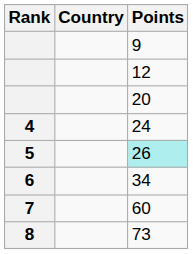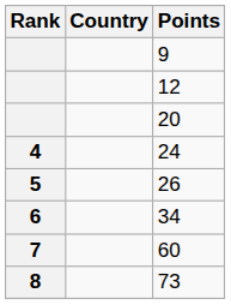 <table class="wikitable sortable">
 <tr>
 <th>Rank</th>
 <th>Country</th>
 <th>Points</th>
 </tr>
 <tr>
 <th></th>
 <td></td>
 <td>9</td>
 </tr>
 <tr>
 <th></th>
 <td></td>
 <td>12</td>
 </tr>
 <tr>
 <th></th>
 <td></td>
 <td>20</td>
 </tr>
 <tr>
 <th>4</th>
 <td></td>
 <td>24</td>
 </tr>
 <tr>
 <th>5</th>
 <td></td>
-<td style="background: paleturquoise;">26</td>
+<td>26</td>
 </tr>
 <tr>
 <th>6</th>
 <td></td>
 <td>34</td>
 </tr>
 <tr>
 <th>7</th>
 <td></td>
 <td>60</td>
 </tr>
 <tr>
 <th>8</th>
 <td></td>
 <td>73</td>
 </tr>
 <tr>
 </tr>
 </table>
